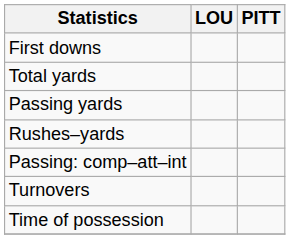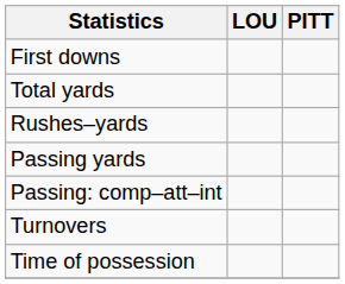 <table class="wikitable" style="float: left;">
 <tr>
 <th>Statistics</th>
 <th>LOU</th>
 <th>PITT</th>
 </tr>
 <tr>
 <td>First downs</td>
 <td></td>
 <td></td>
 </tr>
 <tr>
 <td>Total yards</td>
 <td></td>
 <td></td>
 </tr>
 <tr>
-<td>Passing yards</td>
+<td>Rushes–yards</td>
 <td></td>
 <td></td>
 </tr>
 <tr>
-<td>Rushes–yards</td>
+<td>Passing yards</td>
 <td></td>
 <td></td>
 </tr>
 <tr>
 <td>Passing: comp–att–int</td>
 <td></td>
 <td></td>
 </tr>
 <tr>
 <td>Turnovers</td>
 <td></td>
 <td></td>
 </tr>
 <tr>
 <td>Time of possession</td>
 <td></td>
 <td></td>
 </tr>
 <tr>
 </tr>
 </table>
